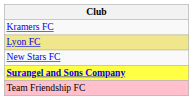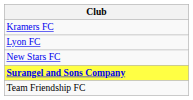 <table class="wikitable">
 <tr>
 <th width="300px">Club</th>
 </tr>
 <tr>
 <td><a href='#'>Kramers FC</a></td>
 </tr>
 <tr>
-<td style="background: khaki;"><a href='#'>Lyon FC</a></td>
+<td><a href='#'>Lyon FC</a></td>
 </tr>
 <tr>
 <td><a href='#'>New Stars FC</a></td>
 </tr>
 <tr>
 <td bgcolor=#ffff44><strong><a href='#'>Surangel and Sons Company</a></strong></td>
 </tr>
 <tr>
-<td style="background: pink;">Team Friendship FC</td>
+<td>Team Friendship FC</td>
 </tr>
 </table>
